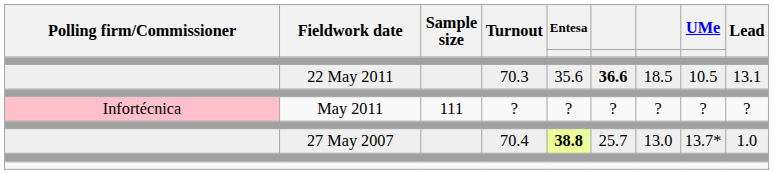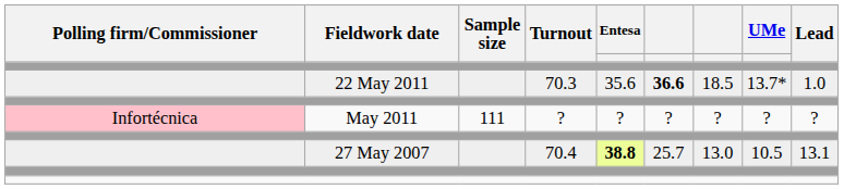 <table class="wikitable collapsible collapsed" style="text-align:center; font-size:95%; line-height:16px;">
 <tr style="height:42px;">
 <th style="width:250px;" rowspan="2">Polling firm/Commissioner</th>
 <th style="width:125px;" rowspan="2">Fieldwork date</th>
 <th style="width:50px;" rowspan="2">Sample size</th>
 <th style="width:45px;" rowspan="2">Turnout</th>
 <th style="width:35px; font-size:80%;">Entesa</th>
 <th style="width:35px;"></th>
 <th style="width:35px;"></th>
 <th style="width:35px;"><a href='#'>UMe</a></th>
 <th style="width:30px;" rowspan="2">Lead</th>
 </tr>
 <tr>
 <th style="color:inherit;background:"></th>
 <th style="color:inherit;background:"></th>
 <th style="color:inherit;background:"></th>
 <th style="color:inherit;background:"></th>
 </tr>
 <tr>
 <td colspan="9" style="background:#A0A0A0"></td>
 </tr>
 <tr style="background:#EFEFEF;">
 <td><strong></strong></td>
 <td>22 May 2011</td>
 <td></td>
 <td>70.3</td>
 <td>35.6<br></td>
 <td><strong>36.6</strong><br></td>
 <td>18.5<br></td>
-<td>10.5<br></td>
-<td style="background:">13.1</td>
+<td>13.7*<br></td>
+<td style="background:">1.0</td>
 </tr>
 <tr>
 <td colspan="9" style="background:#A0A0A0"></td>
 </tr>
 <tr>
 <td style="background: pink;">Infortécnica</td>
 <td>May 2011</td>
 <td>111</td>
 <td>?</td>
 <td>?<br></td>
 <td>?<br></td>
 <td>?<br></td>
 <td>?<br></td>
 <td style="background:">?</td>
 </tr>
 <tr>
 <td colspan="9" style="background:#A0A0A0"></td>
 </tr>
 <tr style="background:#EFEFEF;">
 <td><strong></strong></td>
 <td>27 May 2007</td>
 <td></td>
 <td>70.4</td>
 <td style="background:#ECFF99"><strong>38.8</strong><br></td>
 <td>25.7<br></td>
 <td>13.0<br></td>
-<td>13.7*<br></td>
-<td style="background:">1.0</td>
+<td>10.5<br></td>
+<td style="background:">13.1</td>
 </tr>
 <tr>
 <td colspan="9" style="background:#A0A0A0"></td>
 </tr>
 <tr>
 <td align="left" colspan="9"></td>
 </tr>
 </table>
